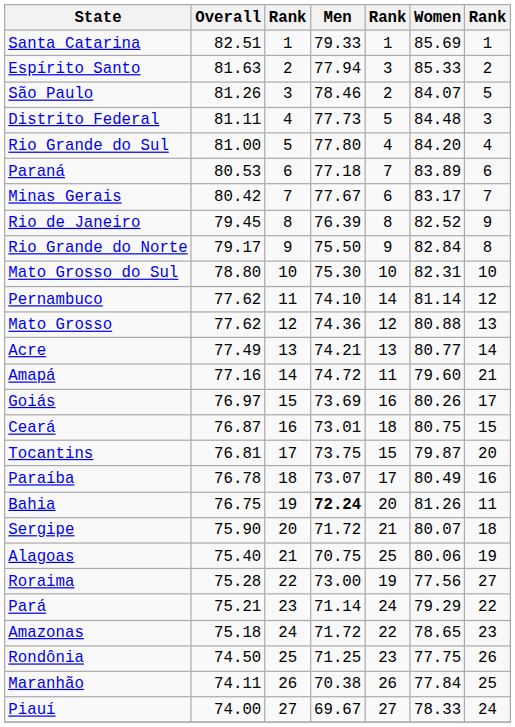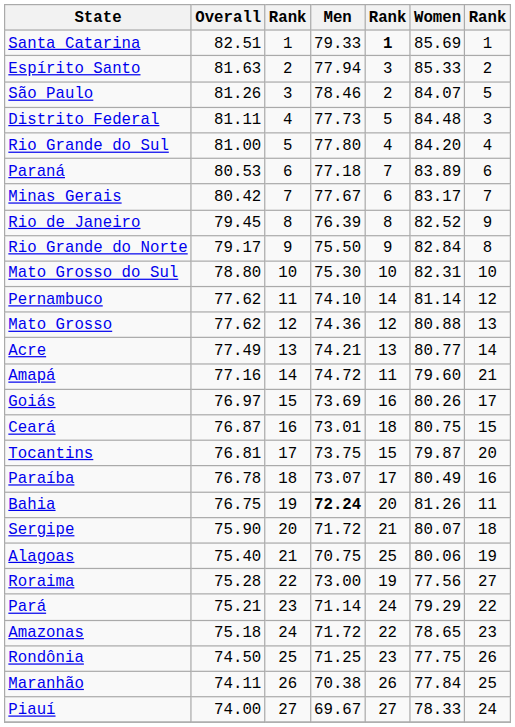 <table class="wikitable sortable" style="text-align:center">
 <tr>
 <th>State</th>
 <th>Overall</th>
 <th>Rank</th>
 <th>Men</th>
 <th>Rank</th>
 <th>Women</th>
 <th>Rank</th>
 </tr>
 <tr>
 <td align="left"><a href='#'>Santa Catarina</a></td>
 <td align="right">82.51</td>
 <td>1</td>
 <td align="right">79.33</td>
-<td>1</td>
+<td><strong>1</strong></td>
 <td align="right">85.69</td>
 <td>1</td>
 </tr>
 <tr>
 <td align="left"><a href='#'>Espírito Santo</a></td>
 <td align="right">81.63</td>
 <td>2</td>
 <td align="right">77.94</td>
 <td>3</td>
 <td align="right">85.33</td>
 <td>2</td>
 </tr>
 <tr>
 <td align="left"><a href='#'>São Paulo</a></td>
 <td align="right">81.26</td>
 <td>3</td>
 <td align="right">78.46</td>
 <td>2</td>
 <td align="right">84.07</td>
 <td>5</td>
 </tr>
 <tr>
 <td align="left"><a href='#'>Distrito Federal</a></td>
 <td align="right">81.11</td>
 <td>4</td>
 <td align="right">77.73</td>
 <td>5</td>
 <td align="right">84.48</td>
 <td>3</td>
 </tr>
 <tr>
 <td align="left"><a href='#'>Rio Grande do Sul</a></td>
 <td align="right">81.00</td>
 <td>5</td>
 <td align="right">77.80</td>
 <td>4</td>
 <td align="right">84.20</td>
 <td>4</td>
 </tr>
 <tr>
 <td align="left"><a href='#'>Paraná</a></td>
 <td align="right">80.53</td>
 <td>6</td>
 <td align="right">77.18</td>
 <td>7</td>
 <td align="right">83.89</td>
 <td>6</td>
 </tr>
 <tr>
 <td align="left"><a href='#'>Minas Gerais</a></td>
 <td align="right">80.42</td>
 <td>7</td>
 <td align="right">77.67</td>
 <td>6</td>
 <td align="right">83.17</td>
 <td>7</td>
 </tr>
 <tr>
 <td align="left"><a href='#'>Rio de Janeiro</a></td>
 <td align="right">79.45</td>
 <td>8</td>
 <td align="right">76.39</td>
 <td>8</td>
 <td align="right">82.52</td>
 <td>9</td>
 </tr>
 <tr>
 <td align="left"><a href='#'>Rio Grande do Norte</a></td>
 <td align="right">79.17</td>
 <td>9</td>
 <td align="right">75.50</td>
 <td>9</td>
 <td align="right">82.84</td>
 <td>8</td>
 </tr>
 <tr>
 <td align="left"><a href='#'>Mato Grosso do Sul</a></td>
 <td align="right">78.80</td>
 <td>10</td>
 <td align="right">75.30</td>
 <td>10</td>
 <td align="right">82.31</td>
 <td>10</td>
 </tr>
 <tr>
 <td align="left"><a href='#'>Pernambuco</a></td>
 <td align="right">77.62</td>
 <td>11</td>
 <td align="right">74.10</td>
 <td>14</td>
 <td align="right">81.14</td>
 <td>12</td>
 </tr>
 <tr>
 <td align="left"><a href='#'>Mato Grosso</a></td>
 <td align="right">77.62</td>
 <td>12</td>
 <td align="right">74.36</td>
 <td>12</td>
 <td align="right">80.88</td>
 <td>13</td>
 </tr>
 <tr>
 <td align="left"><a href='#'>Acre</a></td>
 <td align="right">77.49</td>
 <td>13</td>
 <td align="right">74.21</td>
 <td>13</td>
 <td align="right">80.77</td>
 <td>14</td>
 </tr>
 <tr>
 <td align="left"><a href='#'>Amapá</a></td>
 <td align="right">77.16</td>
 <td>14</td>
 <td align="right">74.72</td>
 <td>11</td>
 <td align="right">79.60</td>
 <td>21</td>
 </tr>
 <tr>
 <td align="left"><a href='#'>Goiás</a></td>
 <td align="right">76.97</td>
 <td>15</td>
 <td align="right">73.69</td>
 <td>16</td>
 <td align="right">80.26</td>
 <td>17</td>
 </tr>
 <tr>
 <td align="left"><a href='#'>Ceará</a></td>
 <td align="right">76.87</td>
 <td>16</td>
 <td align="right">73.01</td>
 <td>18</td>
 <td align="right">80.75</td>
 <td>15</td>
 </tr>
 <tr>
 <td align="left"><a href='#'>Tocantins</a></td>
 <td align="right">76.81</td>
 <td>17</td>
 <td align="right">73.75</td>
 <td>15</td>
 <td align="right">79.87</td>
 <td>20</td>
 </tr>
 <tr>
 <td align="left"><a href='#'>Paraíba</a></td>
 <td align="right">76.78</td>
 <td>18</td>
 <td align="right">73.07</td>
 <td>17</td>
 <td align="right">80.49</td>
 <td>16</td>
 </tr>
 <tr>
 <td align="left"><a href='#'>Bahia</a></td>
 <td align="right">76.75</td>
 <td>19</td>
 <td align="right"><strong>72.24</strong></td>
 <td>20</td>
 <td align="right">81.26</td>
 <td>11</td>
 </tr>
 <tr>
 <td align="left"><a href='#'>Sergipe</a></td>
 <td align="right">75.90</td>
 <td>20</td>
 <td align="right">71.72</td>
 <td>21</td>
 <td align="right">80.07</td>
 <td>18</td>
 </tr>
 <tr>
 <td align="left"><a href='#'>Alagoas</a></td>
 <td align="right">75.40</td>
 <td>21</td>
 <td align="right">70.75</td>
 <td>25</td>
 <td align="right">80.06</td>
 <td>19</td>
 </tr>
 <tr>
 <td align="left"><a href='#'>Roraima</a></td>
 <td align="right">75.28</td>
 <td>22</td>
 <td align="right">73.00</td>
 <td>19</td>
 <td align="right">77.56</td>
 <td>27</td>
 </tr>
 <tr>
 <td align="left"><a href='#'>Pará</a></td>
 <td align="right">75.21</td>
 <td>23</td>
 <td align="right">71.14</td>
 <td>24</td>
 <td align="right">79.29</td>
 <td>22</td>
 </tr>
 <tr>
 <td align="left"><a href='#'>Amazonas</a></td>
 <td align="right">75.18</td>
 <td>24</td>
 <td align="right">71.72</td>
 <td>22</td>
 <td align="right">78.65</td>
 <td>23</td>
 </tr>
 <tr>
 <td align="left"><a href='#'>Rondônia</a></td>
 <td align="right">74.50</td>
 <td>25</td>
 <td align="right">71.25</td>
 <td>23</td>
 <td align="right">77.75</td>
 <td>26</td>
 </tr>
 <tr>
 <td align="left"><a href='#'>Maranhão</a></td>
 <td align="right">74.11</td>
 <td>26</td>
 <td align="right">70.38</td>
 <td>26</td>
 <td align="right">77.84</td>
 <td>25</td>
 </tr>
 <tr>
 <td align="left"><a href='#'>Piauí</a></td>
 <td align="right">74.00</td>
 <td>27</td>
 <td align="right">69.67</td>
 <td>27</td>
 <td align="right">78.33</td>
 <td>24</td>
 </tr>
 <tr>
 </tr>
 </table>
